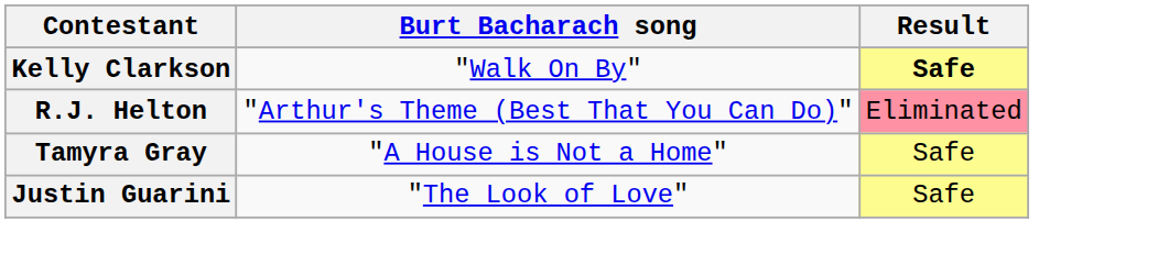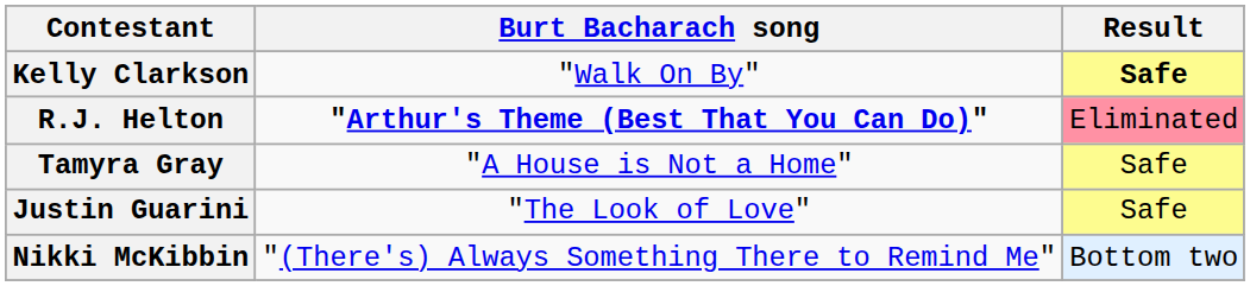 <table class="wikitable unsortable" style="text-align:center;">
 <tr>
 <th scope="col">Contestant</th>
 <th scope="col"><a href='#'>Burt Bacharach</a> song</th>
 <th scope="col">Result</th>
 </tr>
 <tr>
 <th scope="row">Kelly Clarkson</th>
 <td>"<a href='#'>Walk On By</a>"</td>
 <td style="background:#FDFC8F;"><strong>Safe</strong></td>
 </tr>
 <tr>
 <th scope="row">R.J. Helton</th>
-<td>"<a href='#'>Arthur's Theme (Best That You Can Do)</a>"</td>
+<td><strong>"<a href='#'>Arthur's Theme (Best That You Can Do)</a>"</strong></td>
 <td bgcolor="FF91A4">Eliminated</td>
 </tr>
 <tr>
 <th scope="row">Tamyra Gray</th>
 <td>"<a href='#'>A House is Not a Home</a>"</td>
 <td style="background:#FDFC8F;">Safe</td>
 </tr>
 <tr>
 <th scope="row">Justin Guarini</th>
 <td>"<a href='#'>The Look of Love</a>"</td>
 <td style="background:#FDFC8F;">Safe</td>
 </tr>
+<tr>
+<th scope="row">Nikki McKibbin</th>
+<td>"<a href='#'>(There's) Always Something There to Remind Me</a>"</td>
+<td style="background:#E0F0FF;">Bottom two</td>
+</tr>
 </table>
